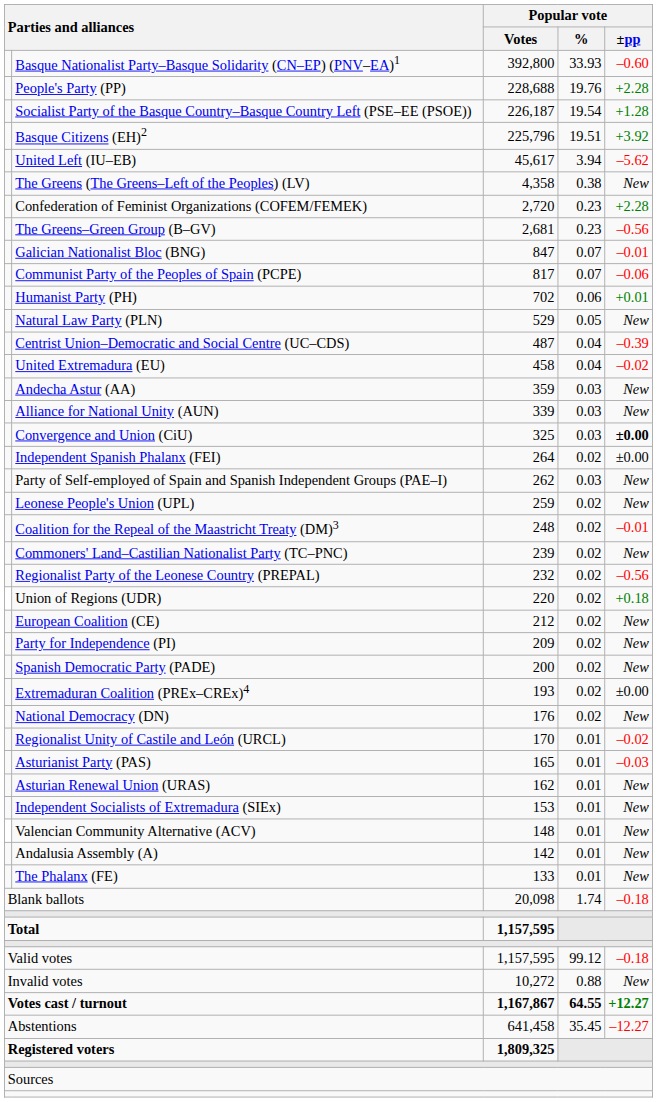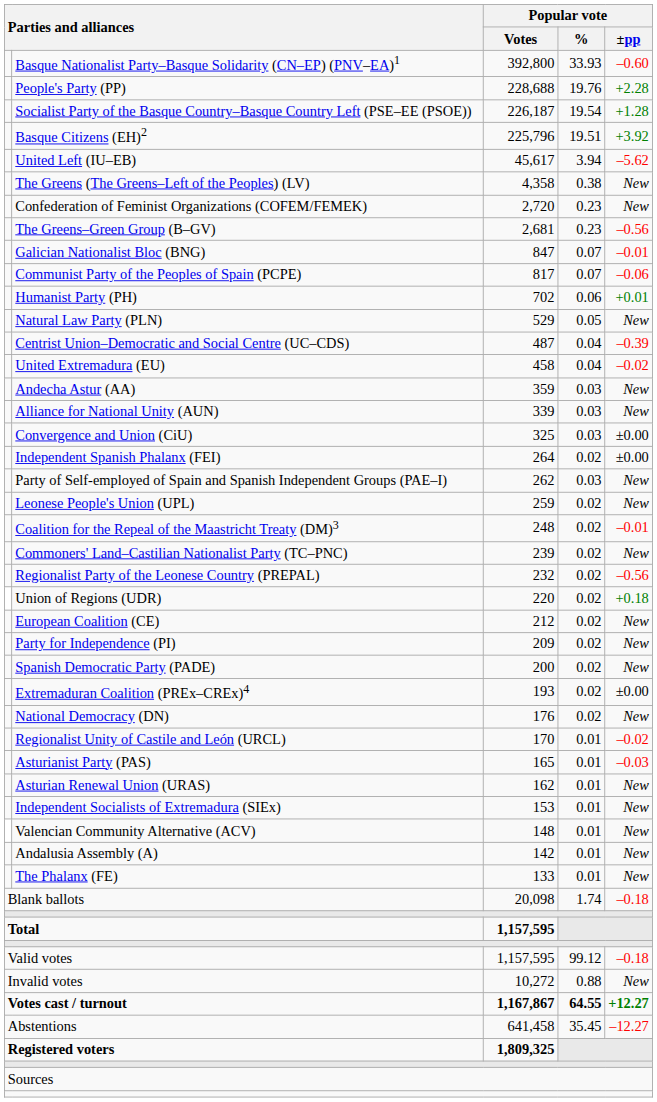 <table class="wikitable" style="text-align:right">
 <tr>
 <th style="text-align:left;" rowspan="2" colspan="2" width="525">Parties and alliances</th>
 <th colspan="3">Popular vote</th>
 </tr>
 <tr>
 <th width="75">Votes</th>
 <th width="45">%</th>
 <th width="45">±<a href='#'>pp</a></th>
 </tr>
 <tr>
 <td width="1" style="color:inherit;background:"></td>
 <td align="left"><a href='#'>Basque Nationalist Party–Basque Solidarity</a> (<a href='#'>CN–EP</a>) (<a href='#'>PNV</a>–<a href='#'>EA</a>)<sup>1</sup></td>
 <td>392,800</td>
 <td>33.93</td>
 <td style="color:red;">–0.60</td>
 </tr>
 <tr>
 <td style="color:inherit;background:"></td>
 <td align="left"><a href='#'>People's Party</a> (PP)</td>
 <td>228,688</td>
 <td>19.76</td>
 <td style="color:green;">+2.28</td>
 </tr>
 <tr>
 <td style="color:inherit;background:"></td>
 <td align="left"><a href='#'>Socialist Party of the Basque Country–Basque Country Left</a> (PSE–EE (PSOE))</td>
 <td>226,187</td>
 <td>19.54</td>
 <td style="color:green;">+1.28</td>
 </tr>
 <tr>
 <td style="color:inherit;background:"></td>
 <td align="left"><a href='#'>Basque Citizens</a> (EH)<sup>2</sup></td>
 <td>225,796</td>
 <td>19.51</td>
 <td style="color:green;">+3.92</td>
 </tr>
 <tr>
 <td style="color:inherit;background:"></td>
 <td align="left"><a href='#'>United Left</a> (IU–EB)</td>
 <td>45,617</td>
 <td>3.94</td>
 <td style="color:red;">–5.62</td>
 </tr>
 <tr>
 <td style="color:inherit;background:"></td>
 <td align="left"><a href='#'>The Greens</a> (<a href='#'>The Greens–Left of the Peoples</a>) (LV)</td>
 <td>4,358</td>
 <td>0.38</td>
 <td><em>New</em></td>
 </tr>
 <tr>
 <td style="color:inherit;background:"></td>
 <td align="left">Confederation of Feminist Organizations (COFEM/FEMEK)</td>
 <td>2,720</td>
 <td>0.23</td>
-<td style="color:green;">+2.28</td>
+<td><em>New</em></td>
 </tr>
 <tr>
 <td style="color:inherit;background:"></td>
 <td align="left"><a href='#'>The Greens–Green Group</a> (B–GV)</td>
 <td>2,681</td>
 <td>0.23</td>
 <td style="color:red;">–0.56</td>
 </tr>
 <tr>
 <td style="color:inherit;background:"></td>
 <td align="left"><a href='#'>Galician Nationalist Bloc</a> (BNG)</td>
 <td>847</td>
 <td>0.07</td>
 <td style="color:red;">–0.01</td>
 </tr>
 <tr>
 <td style="color:inherit;background:"></td>
 <td align="left"><a href='#'>Communist Party of the Peoples of Spain</a> (PCPE)</td>
 <td>817</td>
 <td>0.07</td>
 <td style="color:red;">–0.06</td>
 </tr>
 <tr>
 <td style="color:inherit;background:"></td>
 <td align="left"><a href='#'>Humanist Party</a> (PH)</td>
 <td>702</td>
 <td>0.06</td>
 <td style="color:green;">+0.01</td>
 </tr>
 <tr>
 <td style="color:inherit;background:"></td>
 <td align="left"><a href='#'>Natural Law Party</a> (PLN)</td>
 <td>529</td>
 <td>0.05</td>
 <td><em>New</em></td>
 </tr>
 <tr>
 <td style="color:inherit;background:"></td>
 <td align="left"><a href='#'>Centrist Union–Democratic and Social Centre</a> (UC–CDS)</td>
 <td>487</td>
 <td>0.04</td>
 <td style="color:red;">–0.39</td>
 </tr>
 <tr>
 <td style="color:inherit;background:"></td>
 <td align="left"><a href='#'>United Extremadura</a> (EU)</td>
 <td>458</td>
 <td>0.04</td>
 <td style="color:red;">–0.02</td>
 </tr>
 <tr>
 <td style="color:inherit;background:"></td>
 <td align="left"><a href='#'>Andecha Astur</a> (AA)</td>
 <td>359</td>
 <td>0.03</td>
 <td><em>New</em></td>
 </tr>
 <tr>
 <td style="color:inherit;background:"></td>
 <td align="left"><a href='#'>Alliance for National Unity</a> (AUN)</td>
 <td>339</td>
 <td>0.03</td>
 <td><em>New</em></td>
 </tr>
 <tr>
 <td style="color:inherit;background:"></td>
 <td align="left"><a href='#'>Convergence and Union</a> (CiU)</td>
 <td>325</td>
 <td>0.03</td>
-<td><strong>±0.00</strong></td>
+<td>±0.00</td>
 </tr>
 <tr>
 <td style="color:inherit;background:"></td>
 <td align="left"><a href='#'>Independent Spanish Phalanx</a> (FEI)</td>
 <td>264</td>
 <td>0.02</td>
 <td>±0.00</td>
 </tr>
 <tr>
 <td style="color:inherit;background:"></td>
 <td align="left">Party of Self-employed of Spain and Spanish Independent Groups (PAE–I)</td>
 <td>262</td>
 <td>0.03</td>
 <td><em>New</em></td>
 </tr>
 <tr>
 <td style="color:inherit;background:"></td>
 <td align="left"><a href='#'>Leonese People's Union</a> (UPL)</td>
 <td>259</td>
 <td>0.02</td>
 <td><em>New</em></td>
 </tr>
 <tr>
 <td style="color:inherit;background:"></td>
 <td align="left"><a href='#'>Coalition for the Repeal of the Maastricht Treaty</a> (DM)<sup>3</sup></td>
 <td>248</td>
 <td>0.02</td>
 <td style="color:red;">–0.01</td>
 </tr>
 <tr>
 <td style="color:inherit;background:"></td>
 <td align="left"><a href='#'>Commoners' Land–Castilian Nationalist Party</a> (TC–PNC)</td>
 <td>239</td>
 <td>0.02</td>
 <td><em>New</em></td>
 </tr>
 <tr>
 <td style="color:inherit;background:"></td>
 <td align="left"><a href='#'>Regionalist Party of the Leonese Country</a> (PREPAL)</td>
 <td>232</td>
 <td>0.02</td>
 <td style="color:red;">–0.56</td>
 </tr>
 <tr>
 <td bgcolor="white"></td>
 <td align="left">Union of Regions (UDR)</td>
 <td>220</td>
 <td>0.02</td>
 <td style="color:green;">+0.18</td>
 </tr>
 <tr>
 <td style="color:inherit;background:"></td>
 <td align="left"><a href='#'>European Coalition</a> (CE)</td>
 <td>212</td>
 <td>0.02</td>
 <td><em>New</em></td>
 </tr>
 <tr>
 <td style="color:inherit;background:"></td>
 <td align="left"><a href='#'>Party for Independence</a> (PI)</td>
 <td>209</td>
 <td>0.02</td>
 <td><em>New</em></td>
 </tr>
 <tr>
 <td style="color:inherit;background:"></td>
 <td align="left"><a href='#'>Spanish Democratic Party</a> (PADE)</td>
 <td>200</td>
 <td>0.02</td>
 <td><em>New</em></td>
 </tr>
 <tr>
 <td style="color:inherit;background:"></td>
 <td align="left"><a href='#'>Extremaduran Coalition</a> (PREx–CREx)<sup>4</sup></td>
 <td>193</td>
 <td>0.02</td>
 <td>±0.00</td>
 </tr>
 <tr>
 <td style="color:inherit;background:"></td>
 <td align="left"><a href='#'>National Democracy</a> (DN)</td>
 <td>176</td>
 <td>0.02</td>
 <td><em>New</em></td>
 </tr>
 <tr>
 <td style="color:inherit;background:"></td>
 <td align="left"><a href='#'>Regionalist Unity of Castile and León</a> (URCL)</td>
 <td>170</td>
 <td>0.01</td>
 <td style="color:red;">–0.02</td>
 </tr>
 <tr>
 <td style="color:inherit;background:"></td>
 <td align="left"><a href='#'>Asturianist Party</a> (PAS)</td>
 <td>165</td>
 <td>0.01</td>
 <td style="color:red;">–0.03</td>
 </tr>
 <tr>
 <td style="color:inherit;background:"></td>
 <td align="left"><a href='#'>Asturian Renewal Union</a> (URAS)</td>
 <td>162</td>
 <td>0.01</td>
 <td><em>New</em></td>
 </tr>
 <tr>
 <td style="color:inherit;background:"></td>
 <td align="left"><a href='#'>Independent Socialists of Extremadura</a> (SIEx)</td>
 <td>153</td>
 <td>0.01</td>
 <td><em>New</em></td>
 </tr>
 <tr>
 <td bgcolor="white"></td>
 <td align="left">Valencian Community Alternative (ACV)</td>
 <td>148</td>
 <td>0.01</td>
 <td><em>New</em></td>
 </tr>
 <tr>
 <td style="color:inherit;background:"></td>
 <td align="left">Andalusia Assembly (A)</td>
 <td>142</td>
 <td>0.01</td>
 <td><em>New</em></td>
 </tr>
 <tr>
 <td style="color:inherit;background:"></td>
 <td align="left"><a href='#'>The Phalanx</a> (FE)</td>
 <td>133</td>
 <td>0.01</td>
 <td><em>New</em></td>
 </tr>
 <tr>
 <td align="left" colspan="2">Blank ballots</td>
 <td>20,098</td>
 <td>1.74</td>
 <td style="color:red;">–0.18</td>
 </tr>
 <tr>
 <td colspan="5" bgcolor="#E9E9E9"></td>
 </tr>
 <tr style="font-weight:bold;">
 <td align="left" colspan="2">Total</td>
 <td>1,157,595</td>
 <td bgcolor="#E9E9E9" colspan="2"></td>
 </tr>
 <tr>
 <td colspan="5" bgcolor="#E9E9E9"></td>
 </tr>
 <tr>
 <td align="left" colspan="2">Valid votes</td>
 <td>1,157,595</td>
 <td>99.12</td>
 <td style="color:red;">–0.18</td>
 </tr>
 <tr>
 <td align="left" colspan="2">Invalid votes</td>
 <td>10,272</td>
 <td>0.88</td>
 <td><em>New</em></td>
 </tr>
 <tr style="font-weight:bold;">
 <td align="left" colspan="2">Votes cast / turnout</td>
 <td>1,167,867</td>
 <td>64.55</td>
 <td style="color:green;">+12.27</td>
 </tr>
 <tr>
 <td align="left" colspan="2">Abstentions</td>
 <td>641,458</td>
 <td>35.45</td>
 <td style="color:red;">–12.27</td>
 </tr>
 <tr style="font-weight:bold;">
 <td align="left" colspan="2">Registered voters</td>
 <td>1,809,325</td>
 <td bgcolor="#E9E9E9" colspan="2"></td>
 </tr>
 <tr>
 <td colspan="5" bgcolor="#E9E9E9"></td>
 </tr>
 <tr>
 <td align="left" colspan="5">Sources</td>
 </tr>
 <tr>
 <td colspan="5" style="text-align:left; max-width:680px;"></td>
 </tr>
 </table>
